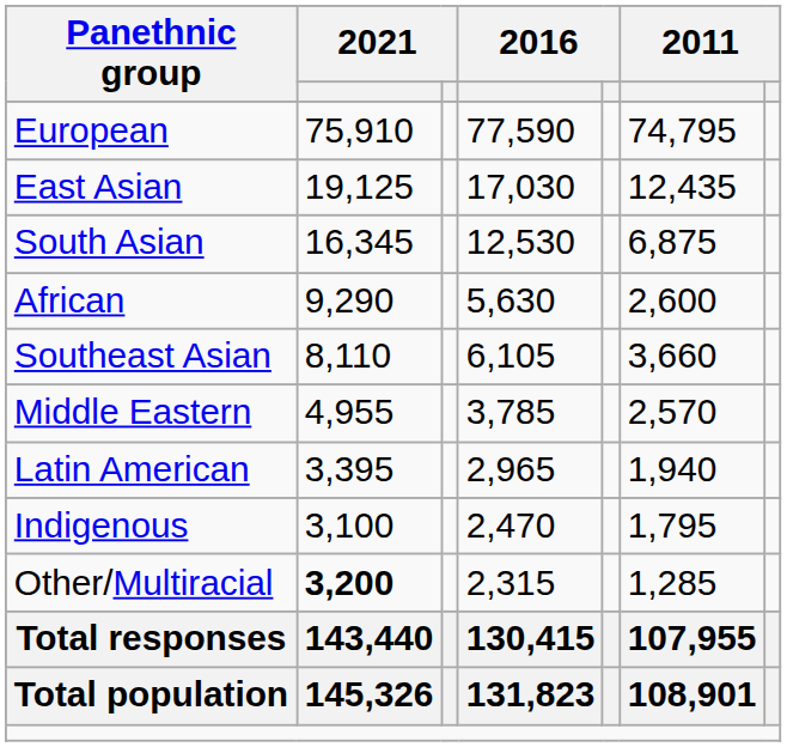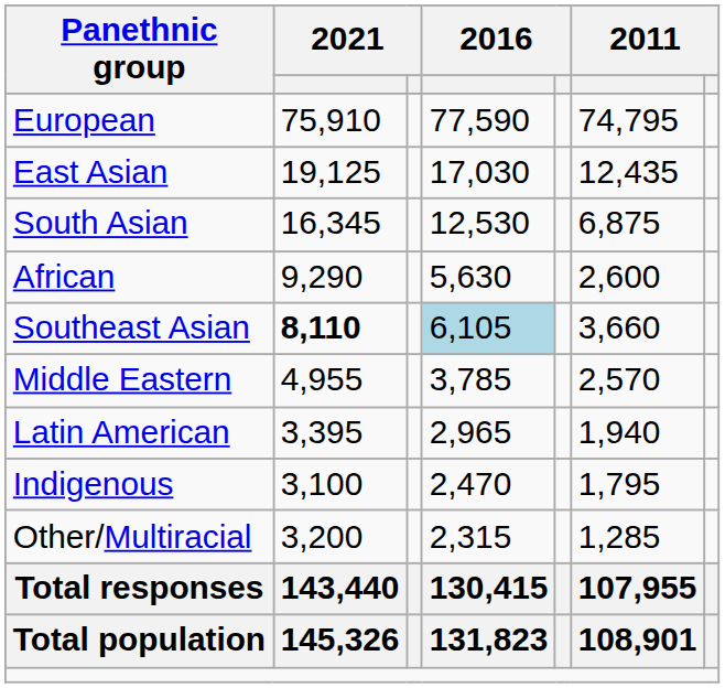 <table class="wikitable collapsible sortable">
 <tr>
 <th rowspan="2"><a href='#'>Panethnic</a><br>group</th>
 <th colspan="2">2021</th>
 <th colspan="2">2016</th>
 <th colspan="2">2011</th>
 </tr>
 <tr>
 <th><a href='#'></a></th>
 <th></th>
 <th></th>
 <th></th>
 <th></th>
 <th></th>
 </tr>
 <tr>
 <td><a href='#'>European</a></td>
 <td>75,910</td>
 <td></td>
 <td>77,590</td>
 <td></td>
 <td>74,795</td>
 <td></td>
 </tr>
 <tr>
 <td><a href='#'>East Asian</a></td>
 <td>19,125</td>
 <td></td>
 <td>17,030</td>
 <td></td>
 <td>12,435</td>
 <td></td>
 </tr>
 <tr>
 <td><a href='#'>South Asian</a></td>
 <td>16,345</td>
 <td></td>
 <td>12,530</td>
 <td></td>
 <td>6,875</td>
 <td></td>
 </tr>
 <tr>
 <td><a href='#'>African</a></td>
 <td>9,290</td>
 <td></td>
 <td>5,630</td>
 <td></td>
 <td>2,600</td>
 <td></td>
 </tr>
 <tr>
 <td><a href='#'>Southeast Asian</a></td>
-<td>8,110</td>
+<td><strong>8,110</strong></td>
 <td></td>
-<td>6,105</td>
+<td style="background: lightblue;">6,105</td>
 <td></td>
 <td>3,660</td>
 <td></td>
 </tr>
 <tr>
 <td><a href='#'>Middle Eastern</a></td>
 <td>4,955</td>
 <td></td>
 <td>3,785</td>
 <td></td>
 <td>2,570</td>
 <td></td>
 </tr>
 <tr>
 <td><a href='#'>Latin American</a></td>
 <td>3,395</td>
 <td></td>
 <td>2,965</td>
 <td></td>
 <td>1,940</td>
 <td></td>
 </tr>
 <tr>
 <td><a href='#'>Indigenous</a></td>
 <td>3,100</td>
 <td></td>
 <td>2,470</td>
 <td></td>
 <td>1,795</td>
 <td></td>
 </tr>
 <tr>
 <td>Other/<a href='#'>Multiracial</a></td>
-<td><strong>3,200</strong></td>
+<td>3,200</td>
 <td></td>
 <td>2,315</td>
 <td></td>
 <td>1,285</td>
 <td></td>
 </tr>
 <tr>
 <th>Total responses</th>
 <th>143,440</th>
 <th></th>
 <th>130,415</th>
 <th></th>
 <th>107,955</th>
 <th></th>
 </tr>
 <tr>
 <th>Total population</th>
 <th>145,326</th>
 <th></th>
 <th>131,823</th>
 <th></th>
 <th>108,901</th>
 <th></th>
 </tr>
 <tr class="sortbottom">
 <td colspan="15"></td>
 </tr>
 </table>
